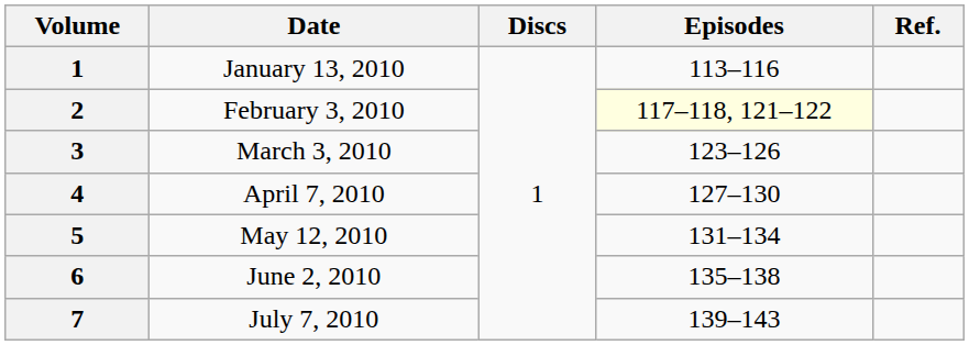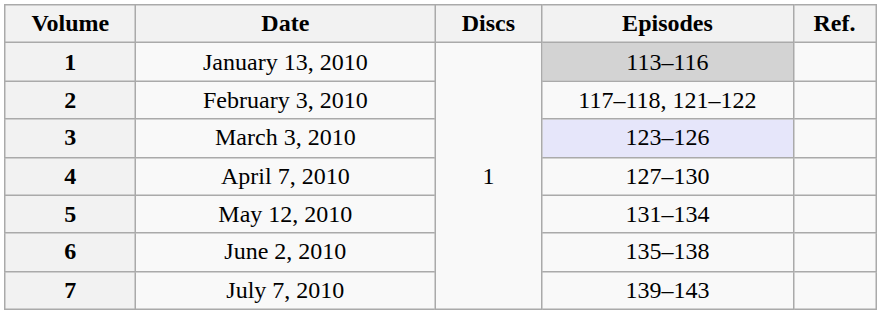 <table class="wikitable" style="text-align:center;">
 <tr>
 <th scope="col" style="width:5em;">Volume</th>
 <th scope="col" style="width:12em;">Date</th>
 <th scope="col" style="width:4em;">Discs</th>
 <th scope="col" style="width:10em;">Episodes</th>
 <th scope="col" style="width:3em;">Ref.</th>
 </tr>
 <tr>
 <th scope="row">1</th>
 <td>January 13, 2010</td>
 <td rowspan="7">1</td>
-<td>113–116</td>
+<td style="background: lightgrey;">113–116</td>
 <td></td>
 </tr>
 <tr>
 <th scope="row">2</th>
 <td>February 3, 2010</td>
-<td style="background: lightyellow;">117–118, 121–122</td>
+<td>117–118, 121–122</td>
 <td></td>
 </tr>
 <tr>
 <th scope="row">3</th>
 <td>March 3, 2010</td>
-<td>123–126</td>
+<td style="background: lavender;">123–126</td>
 <td></td>
 </tr>
 <tr>
 <th scope="row">4</th>
 <td>April 7, 2010</td>
 <td>127–130</td>
 <td></td>
 </tr>
 <tr>
 <th scope="row">5</th>
 <td>May 12, 2010</td>
 <td>131–134</td>
 <td></td>
 </tr>
 <tr>
 <th scope="row">6</th>
 <td>June 2, 2010</td>
 <td>135–138</td>
 <td></td>
 </tr>
 <tr>
 <th scope="row">7</th>
 <td>July 7, 2010</td>
 <td>139–143</td>
 <td></td>
 </tr>
 </table>
